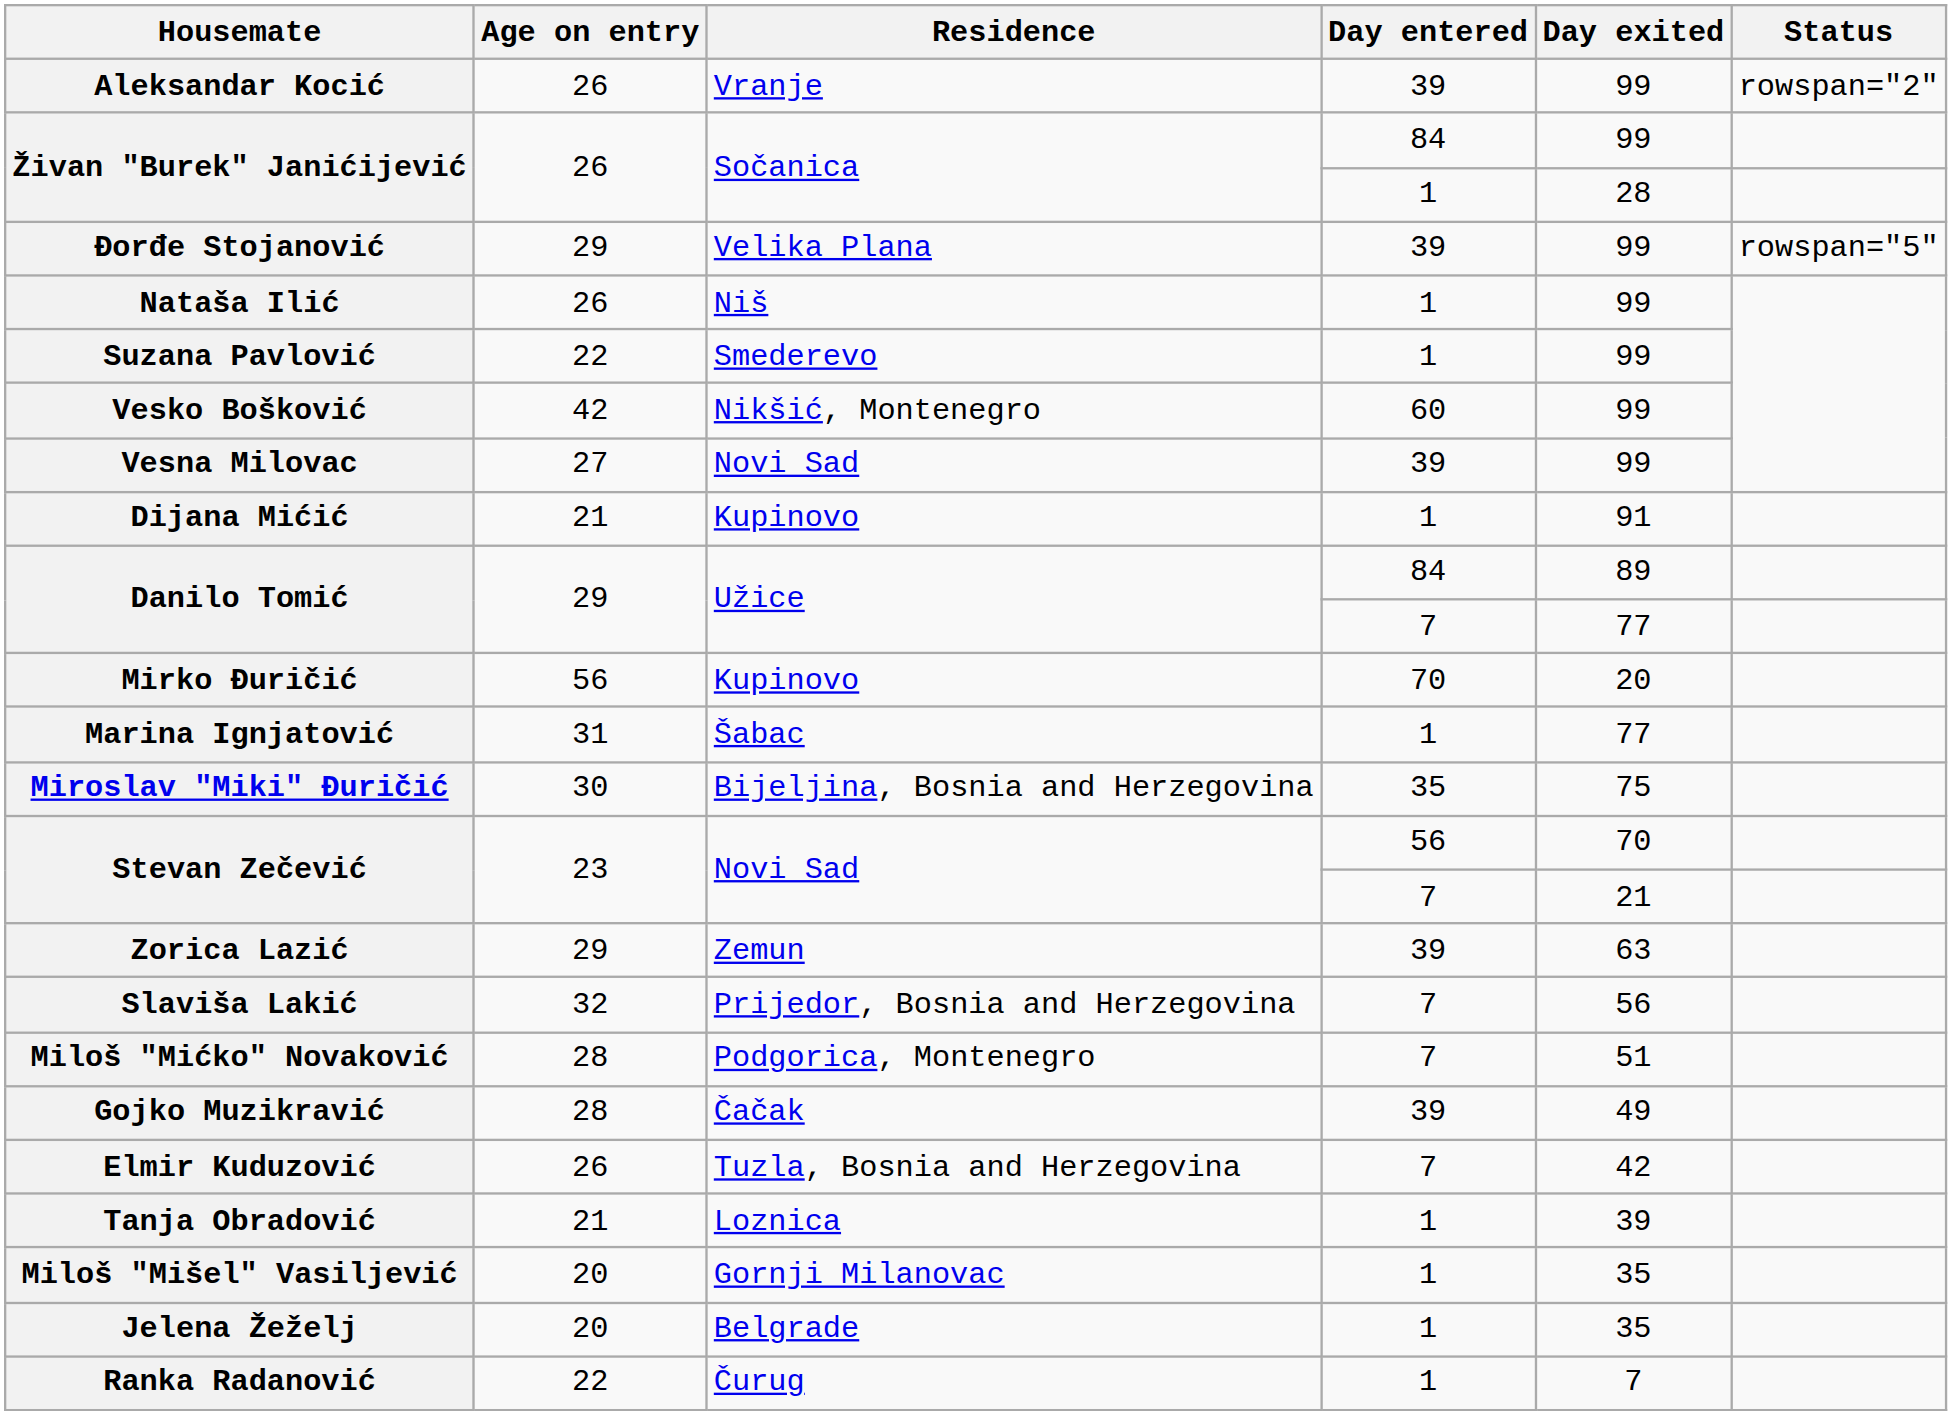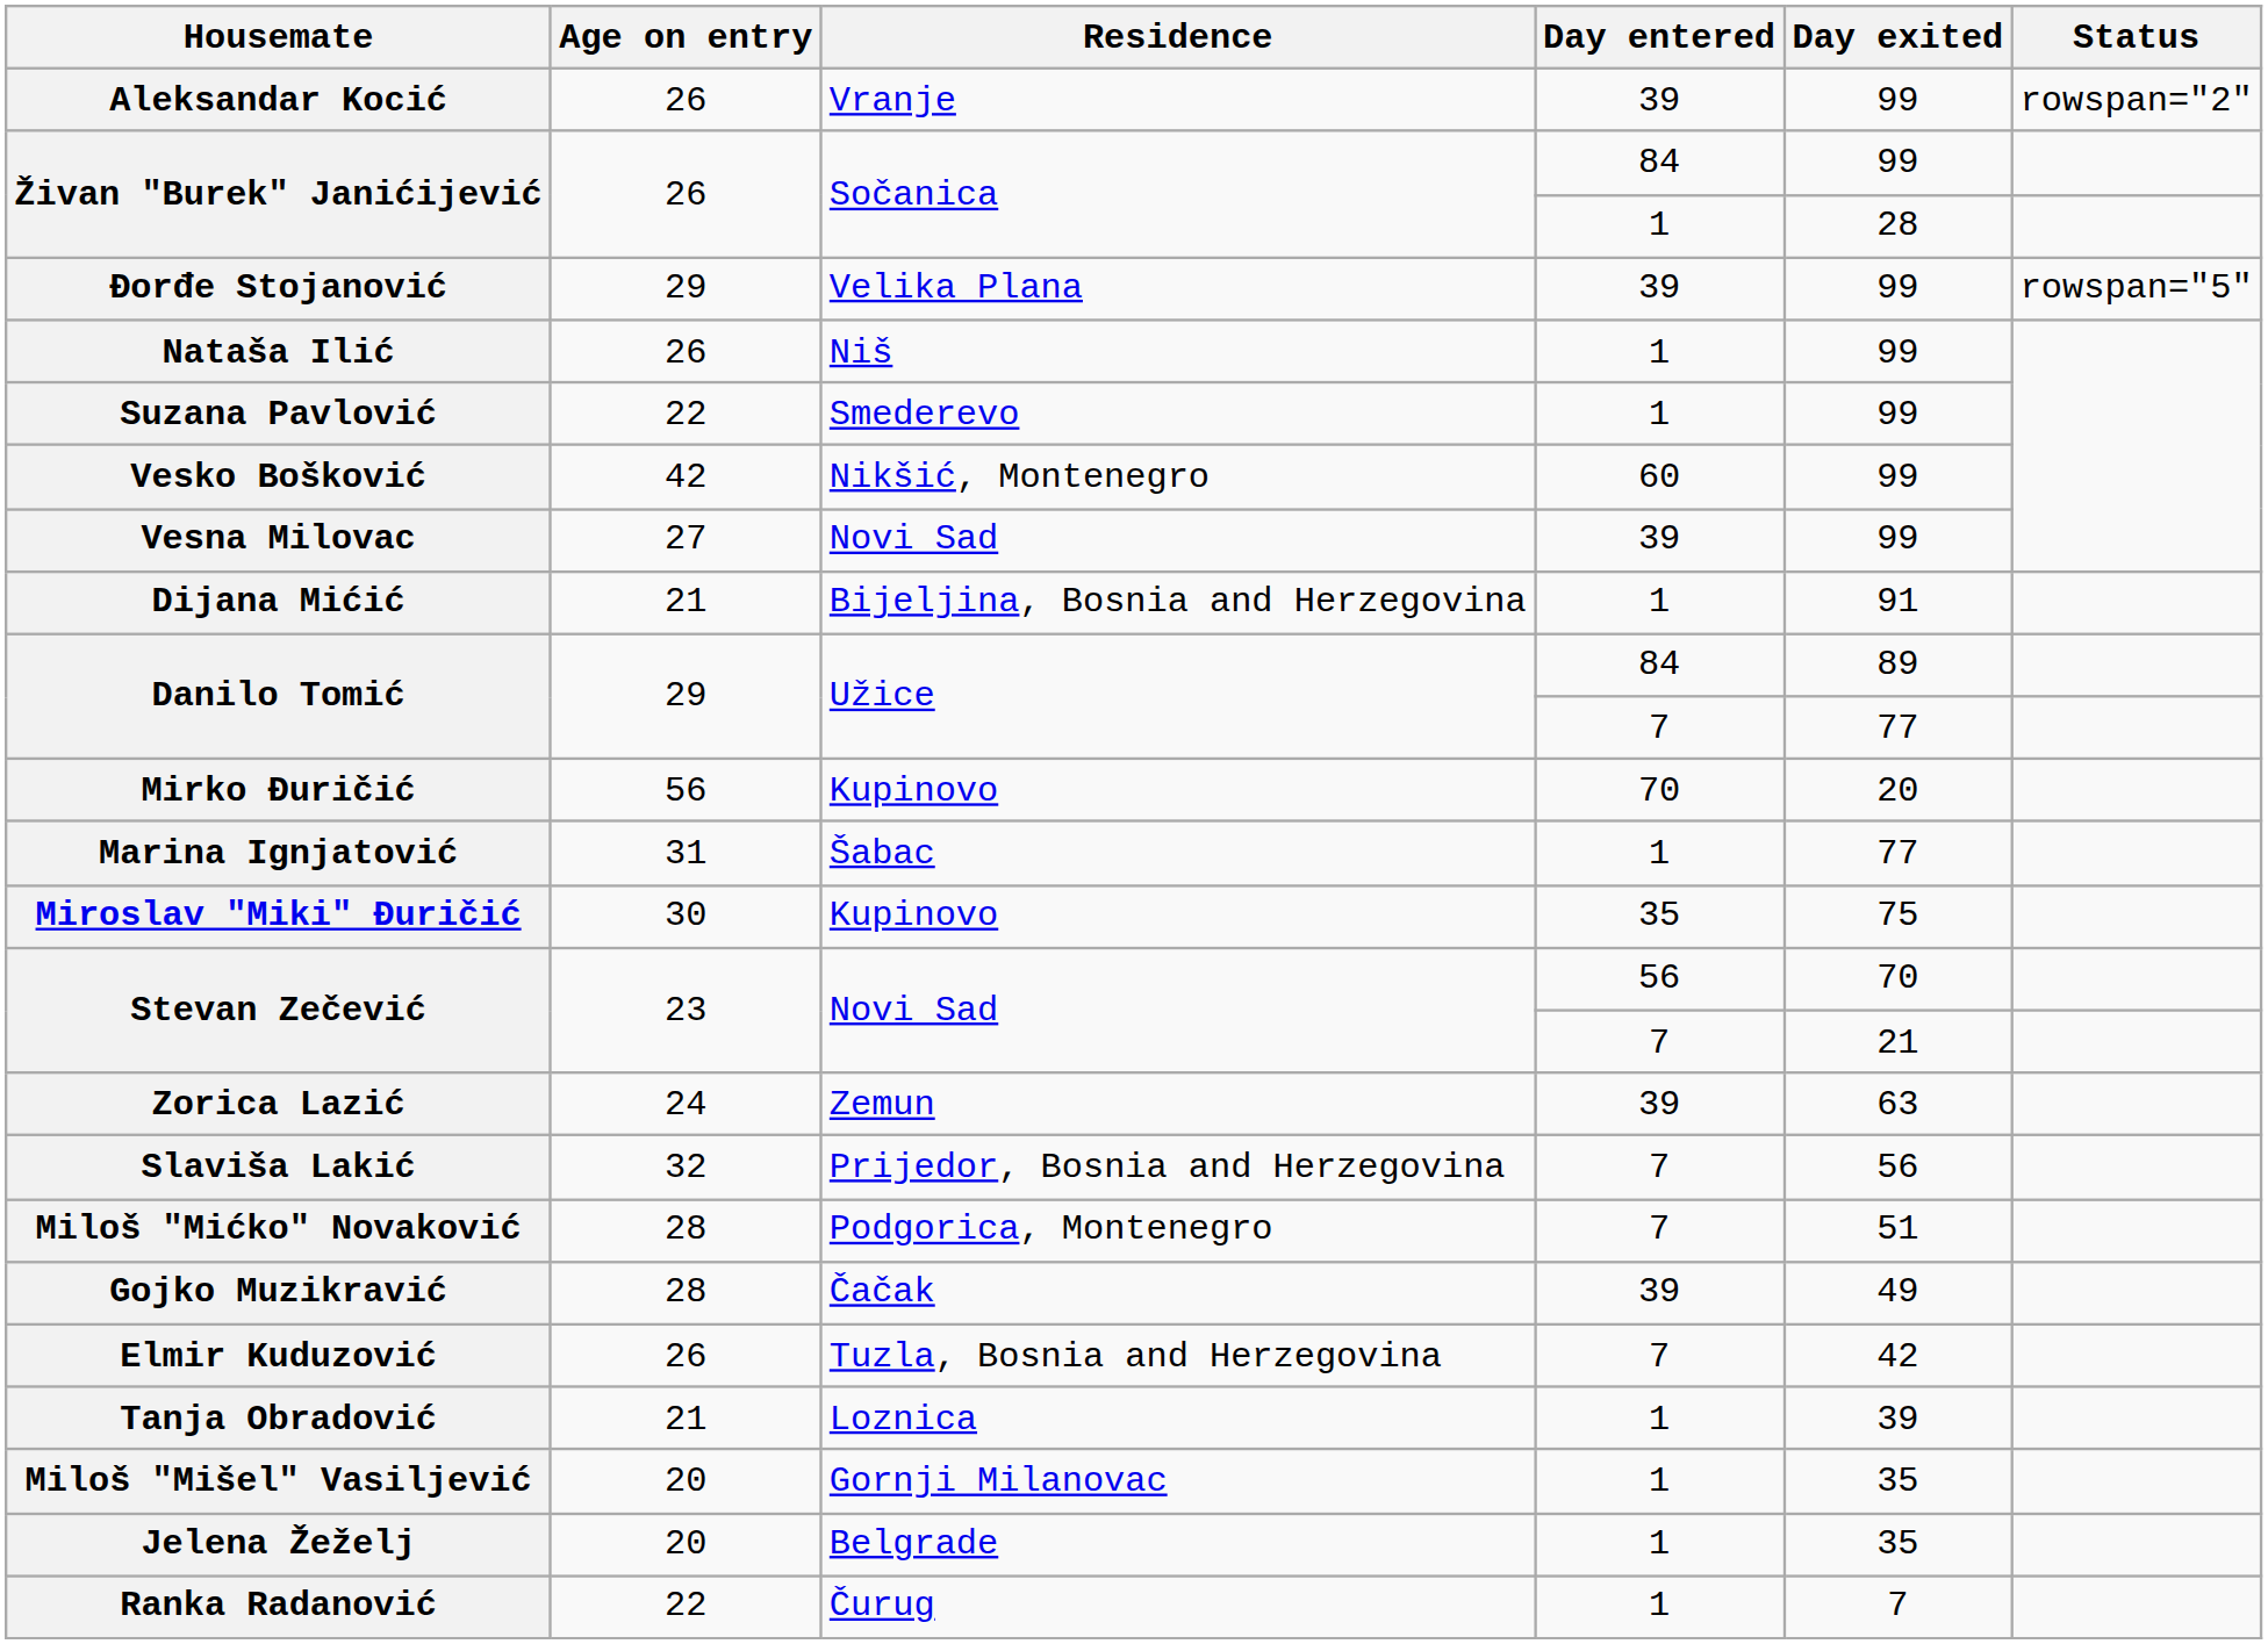 <table class="wikitable sortable" style="text-align:center; line-height:17px; width:auto;">
 <tr>
 <th>Housemate</th>
 <th>Age on entry</th>
 <th>Residence</th>
 <th>Day entered</th>
 <th>Day exited</th>
 <th>Status</th>
 </tr>
 <tr>
 <th>Aleksandar Kocić</th>
 <td>26</td>
 <td align=left><a href='#'>Vranje</a></td>
 <td>39</td>
 <td>99</td>
 <td>rowspan="2" </td>
 </tr>
 <tr>
 <th rowspan="2">Živan "Burek" Janićijević</th>
 <td rowspan="2">26</td>
 <td rowspan="2" align=left><a href='#'>Sočanica</a></td>
 <td>84</td>
 <td>99</td>
 </tr>
 <tr>
 <td>1</td>
 <td>28</td>
 <td></td>
 </tr>
 <tr>
 <th>Đorđe Stojanović</th>
 <td>29</td>
 <td align=left><a href='#'>Velika Plana</a></td>
 <td>39</td>
 <td>99</td>
 <td>rowspan="5" </td>
 </tr>
 <tr>
 <th>Nataša Ilić</th>
 <td>26</td>
 <td align=left><a href='#'>Niš</a></td>
 <td>1</td>
 <td>99</td>
 </tr>
 <tr>
 <th>Suzana Pavlović</th>
 <td>22</td>
 <td align=left><a href='#'>Smederevo</a></td>
 <td>1</td>
 <td>99</td>
 </tr>
 <tr>
 <th>Vesko Bošković</th>
 <td>42</td>
 <td align=left><a href='#'>Nikšić</a>, Montenegro</td>
 <td>60</td>
 <td>99</td>
 </tr>
 <tr>
 <th>Vesna Milovac</th>
 <td>27</td>
 <td align=left><a href='#'>Novi Sad</a></td>
 <td>39</td>
 <td>99</td>
 </tr>
 <tr>
 <th>Dijana Mićić</th>
 <td>21</td>
-<td align=left><a href='#'>Kupinovo</a></td>
+<td align=left><a href='#'>Bijeljina</a>, Bosnia and Herzegovina</td>
 <td>1</td>
 <td>91</td>
 <td></td>
 </tr>
 <tr>
 <th rowspan="2">Danilo Tomić</th>
 <td rowspan="2">29</td>
 <td rowspan="2" align=left><a href='#'>Užice</a></td>
 <td>84</td>
 <td>89</td>
 <td></td>
 </tr>
 <tr>
 <td>7</td>
 <td>77</td>
 <td></td>
 </tr>
 <tr>
 <th>Mirko Đuričić</th>
 <td>56</td>
 <td align=left><a href='#'>Kupinovo</a></td>
 <td>70</td>
 <td>20</td>
 <td></td>
 </tr>
 <tr>
 <th>Marina Ignjatović</th>
 <td>31</td>
 <td align=left><a href='#'>Šabac</a></td>
 <td>1</td>
 <td>77</td>
 <td></td>
 </tr>
 <tr>
 <th><a href='#'>Miroslav "Miki" Đuričić</a></th>
 <td>30</td>
-<td align=left><a href='#'>Bijeljina</a>, Bosnia and Herzegovina</td>
+<td align=left><a href='#'>Kupinovo</a></td>
 <td>35</td>
 <td>75</td>
 <td></td>
 </tr>
 <tr>
 <th rowspan="2">Stevan Zečević</th>
 <td rowspan="2">23</td>
 <td rowspan="2" align=left><a href='#'>Novi Sad</a></td>
 <td>56</td>
 <td>70</td>
 <td></td>
 </tr>
 <tr>
 <td>7</td>
 <td>21</td>
 <td></td>
 </tr>
 <tr>
 <th>Zorica Lazić</th>
-<td>29</td>
+<td>24</td>
 <td align=left><a href='#'>Zemun</a></td>
 <td>39</td>
 <td>63</td>
 <td></td>
 </tr>
 <tr>
 <th>Slaviša Lakić</th>
 <td>32</td>
 <td align=left><a href='#'>Prijedor</a>, Bosnia and Herzegovina</td>
 <td>7</td>
 <td>56</td>
 <td></td>
 </tr>
 <tr>
 <th>Miloš "Mićko" Novaković</th>
 <td>28</td>
 <td align=left><a href='#'>Podgorica</a>, Montenegro</td>
 <td>7</td>
 <td>51</td>
 <td></td>
 </tr>
 <tr>
 <th>Gojko Muzikravić</th>
 <td>28</td>
 <td align=left><a href='#'>Čačak</a></td>
 <td>39</td>
 <td>49</td>
 <td></td>
 </tr>
 <tr>
 <th>Elmir Kuduzović</th>
 <td>26</td>
 <td align=left><a href='#'>Tuzla</a>, Bosnia and Herzegovina</td>
 <td>7</td>
 <td>42</td>
 <td></td>
 </tr>
 <tr>
 <th>Tanja Obradović</th>
 <td>21</td>
 <td align=left><a href='#'>Loznica</a></td>
 <td>1</td>
 <td>39</td>
 <td></td>
 </tr>
 <tr>
 <th>Miloš "Mišel" Vasiljević</th>
 <td>20</td>
 <td align=left><a href='#'>Gornji Milanovac</a></td>
 <td>1</td>
 <td>35</td>
 <td></td>
 </tr>
 <tr>
 <th>Jelena Žeželj</th>
 <td>20</td>
 <td align=left><a href='#'>Belgrade</a></td>
 <td>1</td>
 <td>35</td>
 <td></td>
 </tr>
 <tr>
 <th>Ranka Radanović</th>
 <td>22</td>
 <td align=left><a href='#'>Čurug</a></td>
 <td>1</td>
 <td>7</td>
 <td></td>
 </tr>
 </table>
